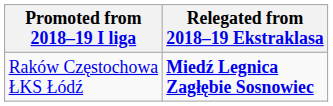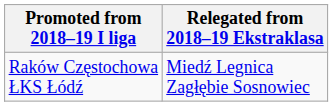 <table class="wikitable">
 <tr>
 <th>Promoted from<br><a href='#'>2018–19 I liga</a></th>
 <th>Relegated from<br><a href='#'>2018–19 Ekstraklasa</a></th>
 </tr>
 <tr>
 <td> <a href='#'>Raków Częstochowa</a><br> <a href='#'>ŁKS Łódź</a></td>
-<td><strong> <a href='#'>Miedź Legnica</a><br> <a href='#'>Zagłębie Sosnowiec</a></strong></td>
+<td> <a href='#'>Miedź Legnica</a><br> <a href='#'>Zagłębie Sosnowiec</a></td>
 </tr>
 </table>
